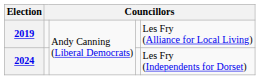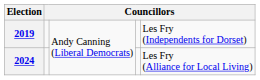 <table class="wikitable">
 <tr>
 <th>Election</th>
 <th colspan="4">Councillors</th>
 </tr>
 <tr>
 <th><a href='#'>2019</a></th>
 <td rowspan="1;" style="background-color: "></td>
 <td rowspan="2">Andy Canning<br>(<a href='#'>Liberal Democrats</a>)</td>
 <td style="background-color: "></td>
-<td>Les Fry<br>(<a href='#'>Alliance for Local Living</a>)</td>
+<td>Les Fry<br>(<a href='#'>Independents for Dorset</a>)</td>
 </tr>
 <tr>
 <th><a href='#'>2024</a></th>
 <td rowspan="1;" style="background-color: "></td>
 <td></td>
-<td>Les Fry<br>(<a href='#'>Independents for Dorset</a>)</td>
+<td>Les Fry<br>(<a href='#'>Alliance for Local Living</a>)</td>
 </tr>
 </table>
